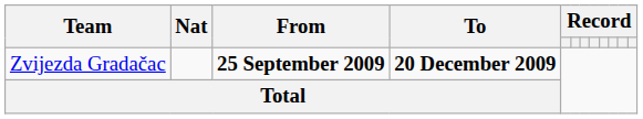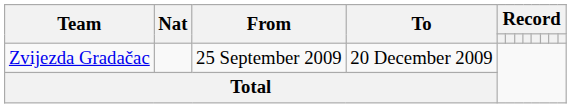 <table class="wikitable" style="text-align: center">
 <tr>
 <th rowspan="2">Team</th>
 <th rowspan="2">Nat</th>
 <th rowspan="2">From</th>
 <th rowspan="2">To</th>
 <th colspan="8">Record</th>
 </tr>
 <tr>
 <th></th>
 <th></th>
 <th></th>
 <th></th>
 <th></th>
 <th></th>
 <th></th>
 <th></th>
 </tr>
 <tr>
 <td align="left"><a href='#'>Zvijezda Gradačac</a></td>
 <td align="center"></td>
-<td align="left"><strong>25 September 2009</strong></td>
-<td align="left"><strong>20 December 2009<br></strong></td>
+<td align="left">25 September 2009</td>
+<td align="left">20 December 2009<br></td>
 </tr>
 <tr>
 <th colspan="4">Total<br></th>
 </tr>
 </table>
